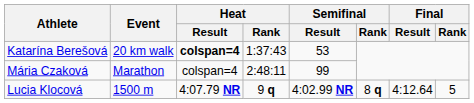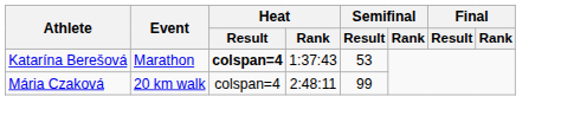 <table class="wikitable" style="font-size:90%">
 <tr>
 <th rowspan="2">Athlete</th>
 <th rowspan="2">Event</th>
 <th colspan="2">Heat</th>
 <th colspan="2">Semifinal</th>
 <th colspan="2">Final</th>
 </tr>
 <tr style="font-size:95%">
 <th>Result</th>
 <th>Rank</th>
 <th>Result</th>
 <th>Rank</th>
 <th>Result</th>
 <th>Rank</th>
 </tr>
 <tr align=center>
 <td align=left><a href='#'>Katarína Berešová</a></td>
-<td align=left><a href='#'>20 km walk</a></td>
+<td align=left><a href='#'>Marathon</a></td>
 <td><strong>colspan=4 </strong></td>
 <td>1:37:43</td>
 <td>53</td>
 </tr>
 <tr align=center>
 <td align=left><a href='#'>Mária Czaková</a></td>
-<td align=left><a href='#'>Marathon</a></td>
+<td align=left><a href='#'>20 km walk</a></td>
 <td>colspan=4 </td>
 <td>2:48:11</td>
 <td>99</td>
 </tr>
-<tr align=center>
-<td align=left><a href='#'>Lucia Klocová</a></td>
-<td align=left><a href='#'>1500 m</a></td>
-<td>4:07.79 <strong><a href='#'>NR</a></strong></td>
-<td>9 <strong>q</strong></td>
-<td>4:02.99 <strong><a href='#'>NR</a></strong></td>
-<td>8 <strong>q</strong></td>
-<td>4:12.64</td>
-<td>5</td>
-</tr>
 </table>
